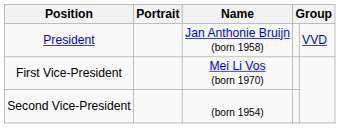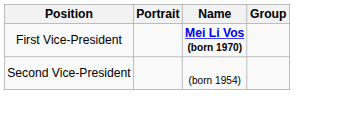 <table class="wikitable" style="text-align:center">
 <tr>
 <th>Position</th>
 <th>Portrait</th>
 <th>Name</th>
 <th colspan=2>Group</th>
 </tr>
 <tr>
-<td><a href='#'>President</a> <br> </td>
-<td></td>
-<td><a href='#'>Jan Anthonie Bruijn</a> <br> <small>(born 1958)</small></td>
-<td style="background:"></td>
-<td style="text-align:left"><a href='#'>VVD</a></td>
-</tr>
-<tr>
 <td>First Vice-President <br> </td>
 <td></td>
-<td><a href='#'>Mei Li Vos</a> <br> <small>(born 1970)</small></td>
+<td><strong><a href='#'>Mei Li Vos</a> <br> <small>(born 1970)</small></strong></td>
 <td></td>
 </tr>
 <tr>
 <td>Second Vice-President <br> </td>
 <td></td>
 <td> <br> <small>(born 1954)</small></td>
 <td></td>
 </tr>
 </table>
